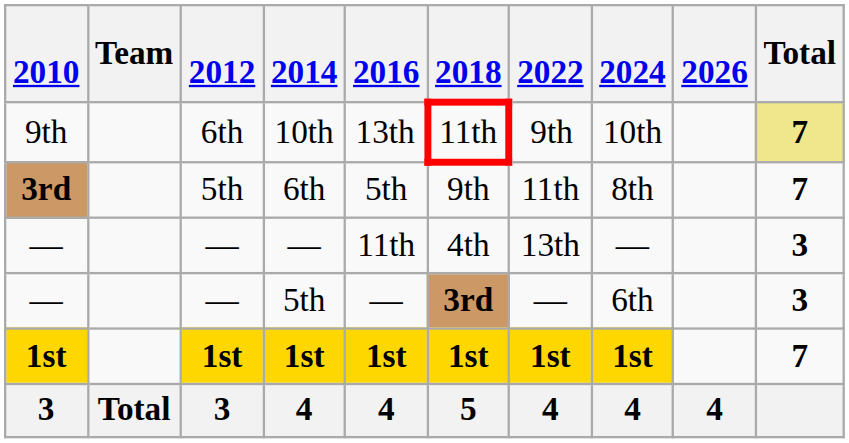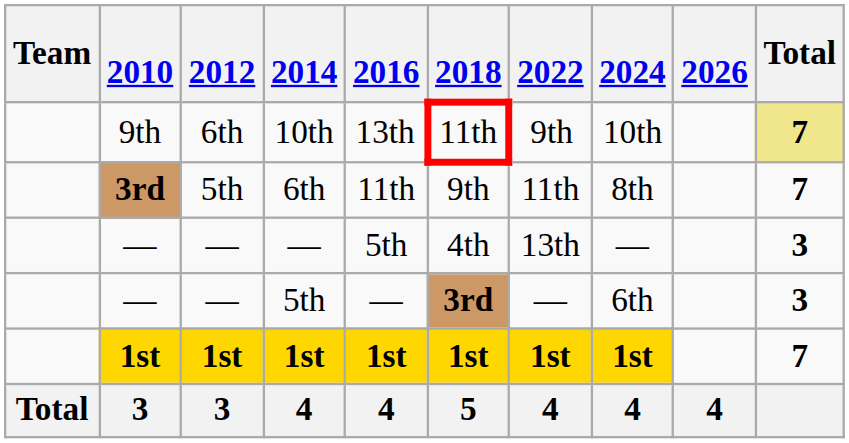 <table class="wikitable" style="text-align:center; font-size:90%">
 <tr>
+<th>Team</th>
 <th><br><a href='#'>2010</a></th>
-<th>Team</th>
 <th><br><a href='#'>2012</a></th>
 <th><br><a href='#'>2014</a></th>
 <th><br><a href='#'>2016</a></th>
 <th><br><a href='#'>2018</a></th>
 <th><br><a href='#'>2022</a></th>
 <th><br><a href='#'>2024</a></th>
 <th><br><a href='#'>2026</a></th>
 <th>Total</th>
 </tr>
 <tr>
+<td align=left></td>
 <td>9th</td>
-<td align=left></td>
 <td>6th</td>
 <td>10th</td>
 <td>13th</td>
 <td style="border: 3px solid red">11th</td>
 <td>9th</td>
 <td>10th</td>
 <td></td>
 <td style="background: khaki;"><strong>7</strong></td>
 </tr>
 <tr>
+<td align=left></td>
 <td bgcolor=#cc9966><strong>3rd</strong></td>
-<td align=left></td>
 <td>5th</td>
 <td>6th</td>
-<td>5th</td>
+<td>11th</td>
 <td>9th</td>
 <td>11th</td>
 <td>8th</td>
 <td></td>
 <td><strong>7</strong></td>
 </tr>
 <tr>
-<td>—</td>
 <td align=left></td>
 <td>—</td>
 <td>—</td>
-<td>11th</td>
+<td>—</td>
+<td>5th</td>
 <td>4th</td>
 <td>13th</td>
 <td>—</td>
 <td></td>
 <td><strong>3</strong></td>
 </tr>
 <tr>
+<td align=left></td>
 <td>—</td>
-<td align=left></td>
 <td>—</td>
 <td>5th</td>
 <td>—</td>
 <td bgcolor=#cc9966><strong>3rd</strong></td>
 <td>—</td>
 <td>6th</td>
 <td></td>
 <td><strong>3</strong></td>
 </tr>
 <tr>
+<td align=left></td>
 <td bgcolor=gold><strong>1st</strong></td>
-<td align=left></td>
 <td bgcolor=gold><strong>1st</strong></td>
 <td bgcolor=gold><strong>1st</strong></td>
 <td bgcolor=gold><strong>1st</strong></td>
 <td bgcolor=gold><strong>1st</strong></td>
 <td bgcolor="gold"><strong>1st</strong></td>
 <td bgcolor=gold><strong>1st</strong></td>
 <td></td>
 <td><strong>7</strong></td>
 </tr>
 <tr>
+<th align=left>Total</th>
 <th>3</th>
-<th align=left>Total</th>
 <th>3</th>
 <th>4</th>
 <th>4</th>
 <th>5</th>
 <th>4</th>
 <th>4</th>
 <th>4</th>
 <th></th>
 </tr>
 </table>
